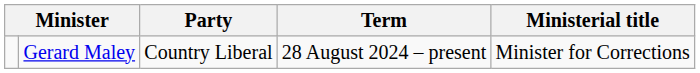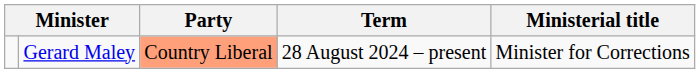 <table class="sortable wikitable">
 <tr>
 <th colspan=2>Minister</th>
 <th>Party</th>
 <th>Term</th>
 <th>Ministerial title</th>
 </tr>
 <tr>
 <td> </td>
 <td><a href='#'>Gerard Maley</a></td>
-<td>Country Liberal</td>
+<td style="background: lightsalmon;">Country Liberal</td>
 <td>28 August 2024 – present</td>
 <td>Minister for Corrections</td>
 </tr>
 </table>
